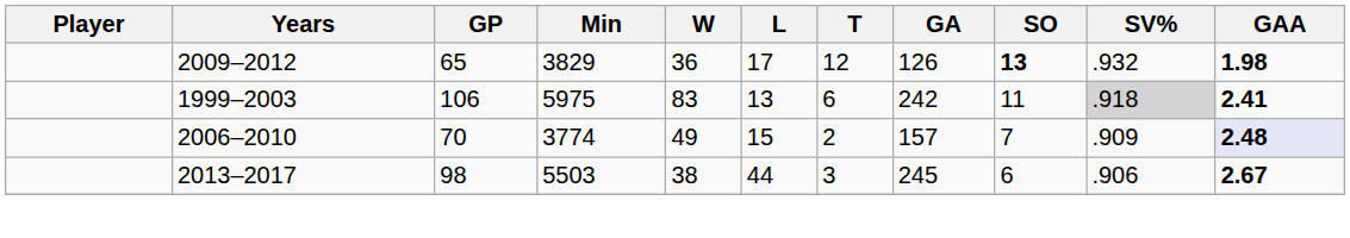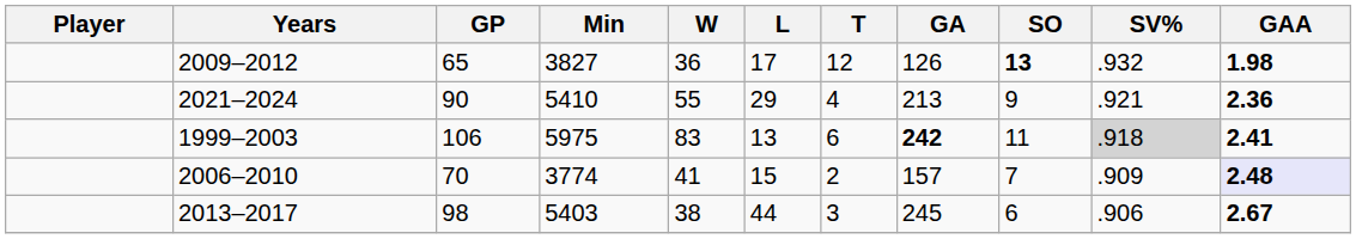 <table class="wikitable sortable" width = 900>
 <tr>
 <th>Player</th>
 <th>Years</th>
 <th>GP</th>
 <th>Min</th>
 <th>W</th>
 <th>L</th>
 <th>T</th>
 <th>GA</th>
 <th>SO</th>
 <th>SV%</th>
 <th>GAA</th>
 </tr>
 <tr>
 <td></td>
 <td>2009–2012</td>
 <td>65</td>
-<td>3829</td>
+<td>3827</td>
 <td>36</td>
 <td>17</td>
 <td>12</td>
 <td>126</td>
 <td><strong>13</strong></td>
 <td>.932</td>
 <td><strong>1.98</strong></td>
 </tr>
 <tr>
 <td></td>
+<td>2021–2024</td>
+<td>90</td>
+<td>5410</td>
+<td>55</td>
+<td>29</td>
+<td>4</td>
+<td>213</td>
+<td>9</td>
+<td>.921</td>
+<td><strong>2.36</strong></td>
+</tr>
+<tr>
+<td></td>
 <td>1999–2003</td>
 <td>106</td>
 <td>5975</td>
 <td>83</td>
 <td>13</td>
 <td>6</td>
-<td>242</td>
+<td><strong>242</strong></td>
 <td>11</td>
 <td style="background: lightgrey;">.918</td>
 <td><strong>2.41</strong></td>
 </tr>
 <tr>
 <td></td>
 <td>2006–2010</td>
 <td>70</td>
 <td>3774</td>
-<td>49</td>
+<td>41</td>
 <td>15</td>
 <td>2</td>
 <td>157</td>
 <td>7</td>
 <td>.909</td>
 <td style="background: lavender;"><strong>2.48</strong></td>
 </tr>
 <tr>
 <td></td>
 <td>2013–2017</td>
 <td>98</td>
-<td>5503</td>
+<td>5403</td>
 <td>38</td>
 <td>44</td>
 <td>3</td>
 <td>245</td>
 <td>6</td>
 <td>.906</td>
 <td><strong>2.67</strong></td>
 </tr>
 <tr>
 </tr>
 </table>
